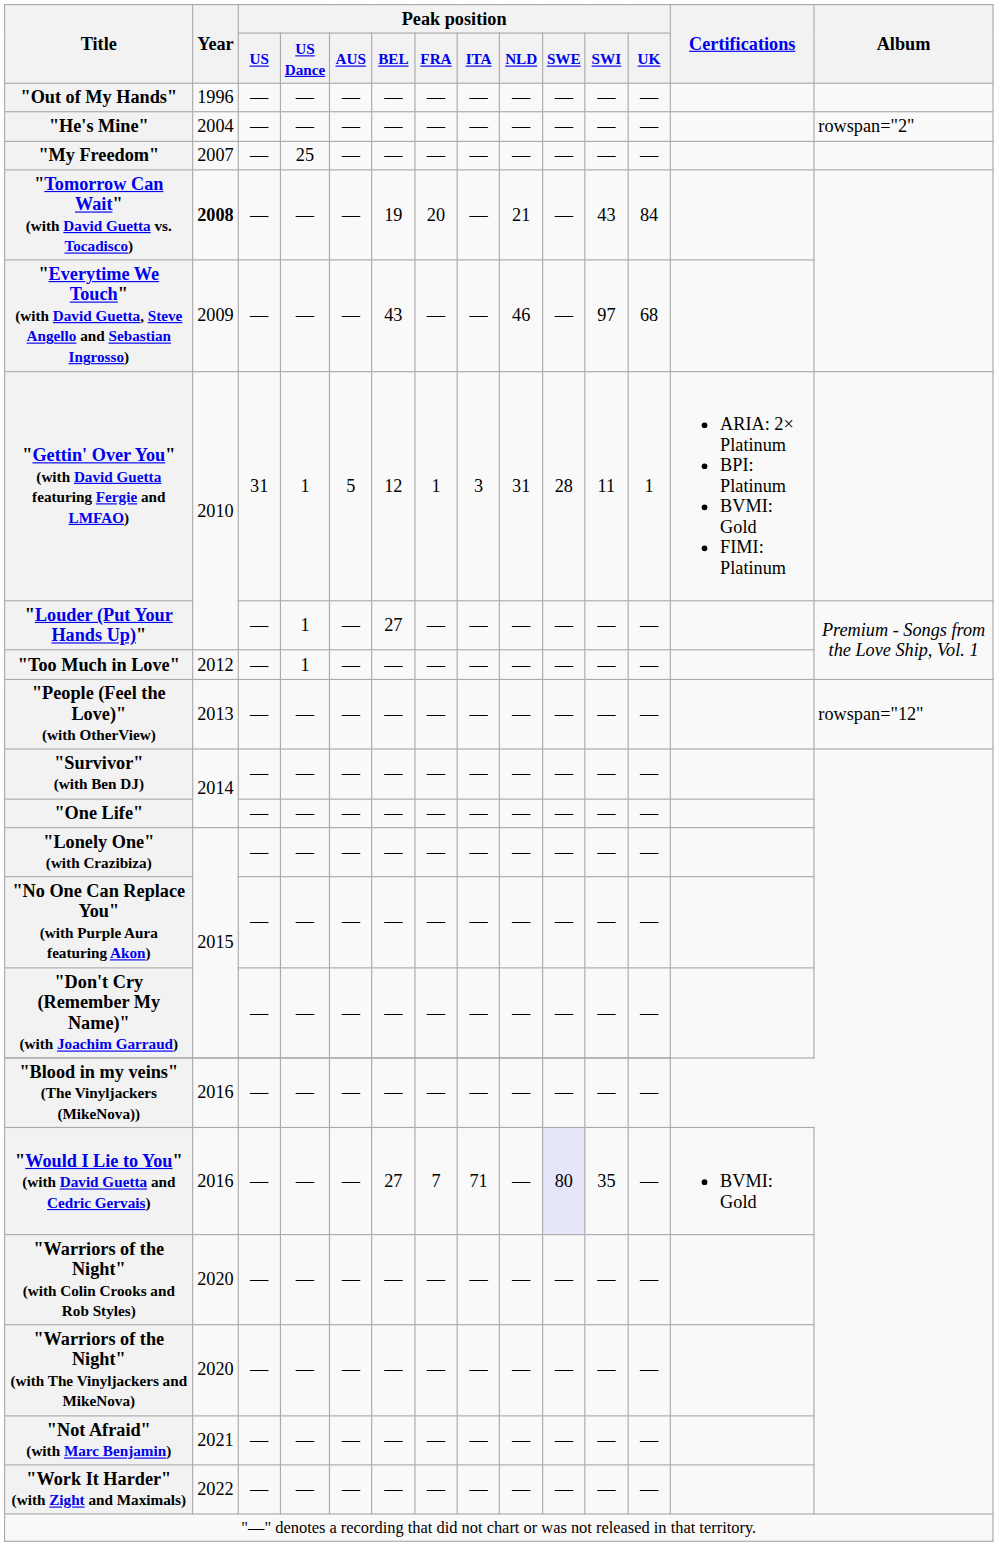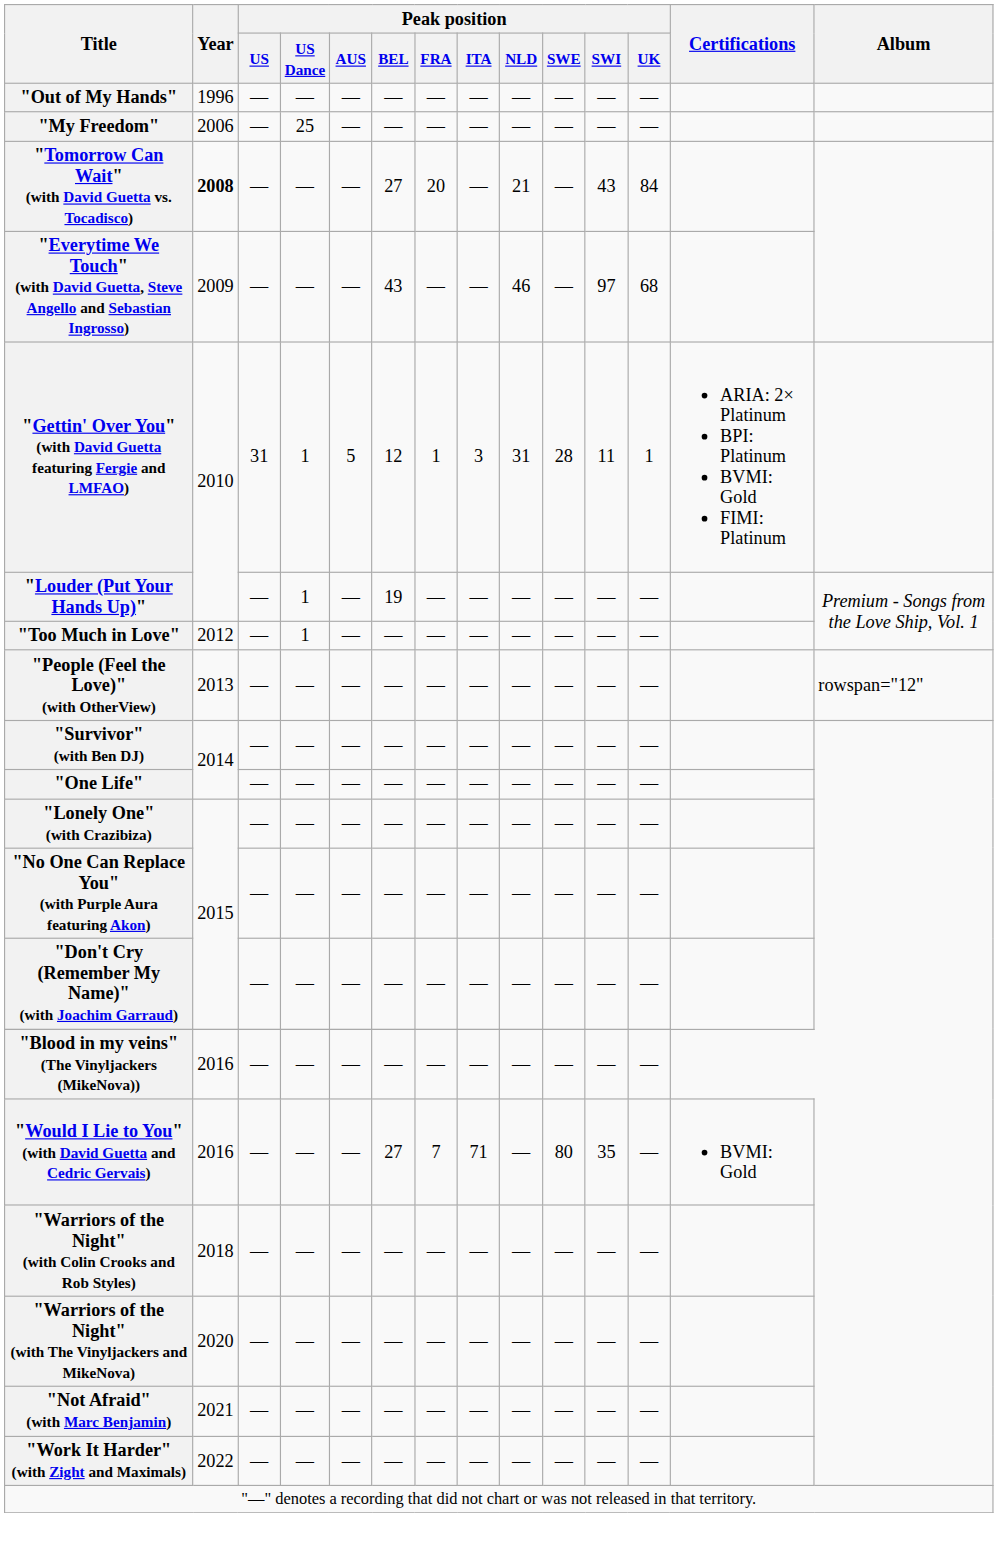 <table class="wikitable plainrowheaders">
 <tr>
 <th align="center" rowspan="2">Title</th>
 <th align="center" rowspan="2">Year</th>
 <th align="center" colspan="10">Peak position</th>
 <th align="center" rowspan="2"><a href='#'>Certifications</a></th>
 <th align="center" rowspan="2">Album</th>
 </tr>
 <tr>
 <th width="30"><small><a href='#'>US</a></small></th>
 <th width="30"><small><a href='#'>US<br>Dance</a></small></th>
 <th width="30"><small><a href='#'>AUS</a></small></th>
 <th width="30"><small><a href='#'>BEL</a></small></th>
 <th width="30"><small><a href='#'>FRA</a></small></th>
 <th width="30"><small><a href='#'>ITA</a></small></th>
 <th width="30"><small><a href='#'>NLD</a></small></th>
 <th width="30"><small><a href='#'>SWE</a></small></th>
 <th width="30"><small><a href='#'>SWI</a></small></th>
 <th width="30"><small><a href='#'>UK</a></small></th>
 </tr>
 <tr>
 <th scope="row">"Out of My Hands"</th>
 <td align="center">1996</td>
 <td align="center">—</td>
 <td align="center">—</td>
 <td align="center">—</td>
 <td align="center">—</td>
 <td align="center">—</td>
 <td align="center">—</td>
 <td align="center">—</td>
 <td align="center">—</td>
 <td align="center">—</td>
 <td align="center">—</td>
 <td></td>
 <td></td>
 </tr>
 <tr>
-<th scope="row">"He's Mine"</th>
-<td align="center">2004</td>
-<td align="center">—</td>
-<td align="center">—</td>
-<td align="center">—</td>
-<td align="center">—</td>
-<td align="center">—</td>
-<td align="center">—</td>
-<td align="center">—</td>
-<td align="center">—</td>
-<td align="center">—</td>
-<td align="center">—</td>
-<td></td>
-<td>rowspan="2" </td>
-</tr>
-<tr>
 <th scope="row">"My Freedom"</th>
-<td align="center">2007</td>
+<td align="center">2006</td>
 <td align="center">—</td>
 <td align="center">25</td>
 <td align="center">—</td>
 <td align="center">—</td>
 <td align="center">—</td>
 <td align="center">—</td>
 <td align="center">—</td>
 <td align="center">—</td>
 <td align="center">—</td>
 <td align="center">—</td>
 <td></td>
 </tr>
 <tr>
 <th scope="row">"<a href='#'>Tomorrow Can Wait</a>"<br><small>(with <a href='#'>David Guetta</a> vs. <a href='#'>Tocadisco</a>)</small></th>
 <td align="center"><strong>2008</strong></td>
 <td align="center">—</td>
 <td align="center">—</td>
 <td align="center">—</td>
-<td align="center">19</td>
+<td align="center">27</td>
 <td align="center">20</td>
 <td align="center">—</td>
 <td align="center">21</td>
 <td align="center">—</td>
 <td align="center">43</td>
 <td align="center">84</td>
 <td></td>
 <td rowspan="2"></td>
 </tr>
 <tr>
 <th scope="row">"<a href='#'>Everytime We Touch</a>"<br><small>(with <a href='#'>David Guetta</a>, <a href='#'>Steve Angello</a> and <a href='#'>Sebastian Ingrosso</a>)</small></th>
 <td align="center">2009</td>
 <td align="center">—</td>
 <td align="center">—</td>
 <td align="center">—</td>
 <td align="center">43</td>
 <td align="center">—</td>
 <td align="center">—</td>
 <td align="center">46</td>
 <td align="center">—</td>
 <td align="center">97</td>
 <td align="center">68</td>
 <td></td>
 </tr>
 <tr>
 <th scope="row">"<a href='#'>Gettin' Over You</a>"<br><small>(with <a href='#'>David Guetta</a> featuring <a href='#'>Fergie</a> and <a href='#'>LMFAO</a>)</small></th>
 <td align="center" rowspan="2">2010</td>
 <td align="center">31</td>
 <td align="center">1</td>
 <td align="center">5</td>
 <td align="center">12</td>
 <td align="center">1</td>
 <td align="center">3</td>
 <td align="center">31</td>
 <td align="center">28</td>
 <td align="center">11</td>
 <td align="center">1</td>
 <td><br><ul><li>ARIA: 2× Platinum</li><li>BPI: Platinum</li><li>BVMI: Gold</li><li>FIMI: Platinum</li></ul></td>
 <td></td>
 </tr>
 <tr>
 <th scope="row">"<a href='#'>Louder (Put Your Hands Up)</a>"</th>
 <td align="center">—</td>
 <td align="center">1</td>
 <td align="center">—</td>
-<td align="center">27</td>
+<td align="center">19</td>
 <td align="center">—</td>
 <td align="center">—</td>
 <td align="center">—</td>
 <td align="center">—</td>
 <td align="center">—</td>
 <td align="center">—</td>
 <td></td>
 <td rowspan="2" style="text-align:center;"><em>Premium - Songs from the Love Ship, Vol. 1</em></td>
 </tr>
 <tr>
 <th scope="row">"Too Much in Love"</th>
 <td align="center">2012</td>
 <td align="center">—</td>
 <td align="center">1</td>
 <td align="center">—</td>
 <td align="center">—</td>
 <td align="center">—</td>
 <td align="center">—</td>
 <td align="center">—</td>
 <td align="center">—</td>
 <td align="center">—</td>
 <td align="center">—</td>
 <td></td>
 </tr>
 <tr>
 <th scope="row">"People (Feel the Love)"<br><small>(with OtherView)</small></th>
 <td align="center">2013</td>
 <td align="center">—</td>
 <td align="center">—</td>
 <td align="center">—</td>
 <td align="center">—</td>
 <td align="center">—</td>
 <td align="center">—</td>
 <td align="center">—</td>
 <td align="center">—</td>
 <td align="center">—</td>
 <td align="center">—</td>
 <td></td>
 <td>rowspan="12" </td>
 </tr>
 <tr>
 <th scope="row">"Survivor"<br><small>(with Ben DJ)</small></th>
 <td align="center" rowspan="2">2014</td>
 <td align="center">—</td>
 <td align="center">—</td>
 <td align="center">—</td>
 <td align="center">—</td>
 <td align="center">—</td>
 <td align="center">—</td>
 <td align="center">—</td>
 <td align="center">—</td>
 <td align="center">—</td>
 <td align="center">—</td>
 <td></td>
 </tr>
 <tr>
 <th scope="row">"One Life"</th>
 <td align="center">—</td>
 <td align="center">—</td>
 <td align="center">—</td>
 <td align="center">—</td>
 <td align="center">—</td>
 <td align="center">—</td>
 <td align="center">—</td>
 <td align="center">—</td>
 <td align="center">—</td>
 <td align="center">—</td>
 <td></td>
 </tr>
 <tr>
 <th scope="row">"Lonely One"<br><small>(with Crazibiza)</small></th>
 <td align="center" rowspan="3">2015</td>
 <td align="center">—</td>
 <td align="center">—</td>
 <td align="center">—</td>
 <td align="center">—</td>
 <td align="center">—</td>
 <td align="center">—</td>
 <td align="center">—</td>
 <td align="center">—</td>
 <td align="center">—</td>
 <td align="center">—</td>
 <td></td>
 </tr>
 <tr>
 <th scope="row">"No One Can Replace You"<br><small>(with Purple Aura featuring <a href='#'>Akon</a>)</small></th>
 <td align="center">—</td>
 <td align="center">—</td>
 <td align="center">—</td>
 <td align="center">—</td>
 <td align="center">—</td>
 <td align="center">—</td>
 <td align="center">—</td>
 <td align="center">—</td>
 <td align="center">—</td>
 <td align="center">—</td>
 <td></td>
 </tr>
 <tr>
 <th scope="row">"Don't Cry (Remember My Name)"<br><small>(with <a href='#'>Joachim Garraud</a>)</small></th>
 <td align="center">—</td>
 <td align="center">—</td>
 <td align="center">—</td>
 <td align="center">—</td>
 <td align="center">—</td>
 <td align="center">—</td>
 <td align="center">—</td>
 <td align="center">—</td>
 <td align="center">—</td>
 <td align="center">—</td>
 <td></td>
 </tr>
 <tr>
 </tr>
 <tr>
 <th scope="row">"Blood in my veins" <br><small>(The Vinyljackers (MikeNova))</small></th>
 <td align="center">2016</td>
 <td align="center">—</td>
 <td align="center">—</td>
 <td align="center">—</td>
 <td align="center">—</td>
 <td align="center">—</td>
 <td align="center">—</td>
 <td align="center">—</td>
 <td align="center">—</td>
 <td align="center">—</td>
 <td align="center">—</td>
 </tr>
 <tr>
 <th scope="row">"<a href='#'>Would I Lie to You</a>" <br><small>(with <a href='#'>David Guetta</a> and <a href='#'>Cedric Gervais</a>)</small></th>
 <td align="center">2016</td>
 <td align="center">—</td>
 <td align="center">—</td>
 <td align="center">—</td>
 <td align="center">27</td>
 <td align="center">7</td>
 <td align="center">71</td>
 <td align="center">—</td>
-<td align="center" style="background: lavender;">80</td>
+<td align="center">80</td>
 <td align="center">35</td>
 <td align="center">—</td>
 <td><br><ul><li>BVMI: Gold</li></ul></td>
 </tr>
 <tr>
 <th scope="row">"Warriors of the Night" <br><small>(with Colin Crooks and Rob Styles)</small></th>
-<td align="center">2020</td>
+<td align="center">2018</td>
 <td align="center">—</td>
 <td align="center">—</td>
 <td align="center">—</td>
 <td align="center">—</td>
 <td align="center">—</td>
 <td align="center">—</td>
 <td align="center">—</td>
 <td align="center">—</td>
 <td align="center">—</td>
 <td align="center">—</td>
 <td></td>
 </tr>
 <tr>
 <th scope="row">"Warriors of the Night" <br><small>(with The Vinyljackers and MikeNova)</small></th>
 <td align="center">2020</td>
 <td align="center">—</td>
 <td align="center">—</td>
 <td align="center">—</td>
 <td align="center">—</td>
 <td align="center">—</td>
 <td align="center">—</td>
 <td align="center">—</td>
 <td align="center">—</td>
 <td align="center">—</td>
 <td align="center">—</td>
 <td></td>
 </tr>
 <tr>
 <th scope="row">"Not Afraid" <br><small>(with <a href='#'>Marc Benjamin</a>)</small></th>
 <td align="center">2021</td>
 <td align="center">—</td>
 <td align="center">—</td>
 <td align="center">—</td>
 <td align="center">—</td>
 <td align="center">—</td>
 <td align="center">—</td>
 <td align="center">—</td>
 <td align="center">—</td>
 <td align="center">—</td>
 <td align="center">—</td>
 <td></td>
 </tr>
 <tr>
 <th scope="row">"Work It Harder"<br><small>(with <a href='#'>Zight</a> and Maximals)</small></th>
 <td align="center">2022</td>
 <td align="center">—</td>
 <td align="center">—</td>
 <td align="center">—</td>
 <td align="center">—</td>
 <td align="center">—</td>
 <td align="center">—</td>
 <td align="center">—</td>
 <td align="center">—</td>
 <td align="center">—</td>
 <td align="center">—</td>
 <td></td>
 </tr>
 <tr>
 <td colspan="14" style="font-size:90%" align="center">"—" denotes a recording that did not chart or was not released in that territory.</td>
 </tr>
 </table>
